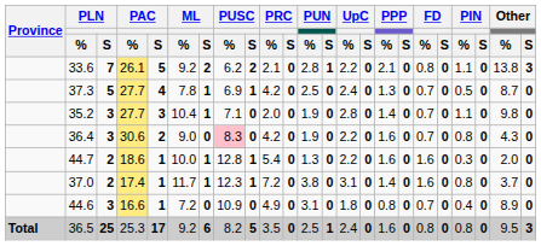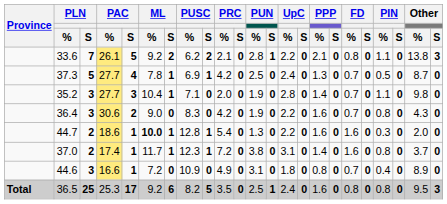 <table class="wikitable sortable" style="text-align:right; font-size:95%; line-height:20px;">
 <tr>
 <th rowspan="3"><a href='#'>Province</a></th>
 <th colspan="2" width="30px"><a href='#'>PLN</a></th>
 <th colspan="2" width="30px"><a href='#'>PAC</a></th>
 <th colspan="2" width="30px"><a href='#'>ML</a></th>
 <th colspan="2" width="30px"><a href='#'>PUSC</a></th>
 <th colspan="2" width="30px"><a href='#'>PRC</a></th>
 <th colspan="2" width="30px"><a href='#'>PUN</a></th>
 <th colspan="2" width="30px"><a href='#'>UpC</a></th>
 <th colspan="2" width="30px"><a href='#'>PPP</a></th>
 <th colspan="2" width="30px"><a href='#'>FD</a></th>
 <th colspan="2" width="30px"><a href='#'>PIN</a></th>
 <th colspan="2" width="30px">Other</th>
 </tr>
 <tr>
 <th colspan="2" style="background:"></th>
 <th colspan="2" style="background:"></th>
 <th colspan="2" style="background:"></th>
 <th colspan="2" style="background:"></th>
 <th colspan="2" style="background:"></th>
 <th colspan="2" style="background:#00554E"></th>
 <th colspan="2" style="background:"></th>
 <th colspan="2" style="background:slateblue"></th>
 <th colspan="2" style="background:"></th>
 <th colspan="2" style="background:"></th>
 <th colspan="2" style="background:#7a7a7a"></th>
 </tr>
 <tr>
 <th data-sort-type="number">%</th>
 <th data-sort-type="number">S</th>
 <th data-sort-type="number">%</th>
 <th data-sort-type="number">S</th>
 <th data-sort-type="number">%</th>
 <th data-sort-type="number">S</th>
 <th data-sort-type="number">%</th>
 <th data-sort-type="number">S</th>
 <th data-sort-type="number">%</th>
 <th data-sort-type="number">S</th>
 <th data-sort-type="number">%</th>
 <th data-sort-type="number">S</th>
 <th data-sort-type="number">%</th>
 <th data-sort-type="number">S</th>
 <th data-sort-type="number">%</th>
 <th data-sort-type="number">S</th>
 <th data-sort-type="number">%</th>
 <th data-sort-type="number">S</th>
 <th data-sort-type="number">%</th>
 <th data-sort-type="number">S</th>
 <th data-sort-type="number">%</th>
 <th data-sort-type="number">S</th>
 </tr>
 <tr>
 <td align="left"></td>
 <td style="background:">33.6</td>
 <td><strong>7</strong></td>
 <td style="background:#FFEB7F; color:black;">26.1</td>
 <td><strong>5</strong></td>
 <td>9.2</td>
 <td><strong>2</strong></td>
 <td>6.2</td>
 <td><strong>2</strong></td>
 <td>2.1</td>
 <td><strong>0</strong></td>
 <td>2.8</td>
 <td><strong>1</strong></td>
 <td>2.2</td>
 <td><strong>0</strong></td>
 <td>2.1</td>
 <td><strong>0</strong></td>
 <td>0.8</td>
 <td><strong>0</strong></td>
 <td>1.1</td>
 <td><strong>0</strong></td>
 <td>13.8</td>
 <td><strong>3</strong></td>
 </tr>
 <tr>
 <td align="left"></td>
 <td style="background:">37.3</td>
 <td><strong>5</strong></td>
 <td style="background:#FFEB7F; color:black;">27.7</td>
 <td><strong>4</strong></td>
 <td>7.8</td>
 <td><strong>1</strong></td>
 <td>6.9</td>
 <td><strong>1</strong></td>
 <td>4.2</td>
 <td><strong>0</strong></td>
 <td>2.5</td>
 <td><strong>0</strong></td>
 <td>2.4</td>
 <td><strong>0</strong></td>
 <td>1.3</td>
 <td><strong>0</strong></td>
 <td>0.7</td>
 <td><strong>0</strong></td>
 <td>0.5</td>
 <td><strong>0</strong></td>
 <td>8.7</td>
 <td><strong>0</strong></td>
 </tr>
 <tr>
 <td align="left"></td>
 <td style="background:">35.2</td>
 <td><strong>3</strong></td>
 <td style="background:#FFEB7F; color:black;">27.7</td>
 <td><strong>3</strong></td>
 <td>10.4</td>
 <td><strong>1</strong></td>
 <td>7.1</td>
 <td><strong>0</strong></td>
 <td>2.0</td>
 <td><strong>0</strong></td>
 <td>1.9</td>
 <td><strong>0</strong></td>
 <td>2.8</td>
 <td><strong>0</strong></td>
 <td>1.4</td>
 <td><strong>0</strong></td>
 <td>0.7</td>
 <td><strong>0</strong></td>
 <td>1.1</td>
 <td><strong>0</strong></td>
 <td>9.8</td>
 <td><strong>0</strong></td>
 </tr>
 <tr>
 <td align="left"></td>
 <td style="background:">36.4</td>
 <td><strong>3</strong></td>
 <td style="background:#FFEB7F; color:black;">30.6</td>
 <td><strong>2</strong></td>
 <td>9.0</td>
 <td><strong>0</strong></td>
-<td style="background: pink;">8.3</td>
+<td>8.3</td>
 <td><strong>0</strong></td>
 <td>4.2</td>
 <td><strong>0</strong></td>
 <td>1.9</td>
 <td><strong>0</strong></td>
 <td>2.2</td>
 <td><strong>0</strong></td>
 <td>1.6</td>
 <td><strong>0</strong></td>
 <td>0.7</td>
 <td><strong>0</strong></td>
 <td>0.8</td>
 <td><strong>0</strong></td>
 <td>4.3</td>
 <td><strong>0</strong></td>
 </tr>
 <tr>
 <td align="left"></td>
 <td style="background:">44.7</td>
 <td><strong>2</strong></td>
 <td style="background:#FFEB7F; color:black;">18.6</td>
 <td><strong>1</strong></td>
-<td>10.0</td>
+<td><strong>10.0</strong></td>
 <td><strong>1</strong></td>
 <td>12.8</td>
 <td><strong>1</strong></td>
 <td>5.4</td>
 <td><strong>0</strong></td>
 <td>1.3</td>
 <td><strong>0</strong></td>
 <td>2.2</td>
 <td><strong>0</strong></td>
 <td>1.6</td>
 <td><strong>0</strong></td>
 <td>1.6</td>
 <td><strong>0</strong></td>
 <td>0.3</td>
 <td><strong>0</strong></td>
 <td>2.0</td>
 <td><strong>0</strong></td>
 </tr>
 <tr>
 <td align="left"></td>
 <td style="background:">37.0</td>
 <td><strong>2</strong></td>
 <td style="background:#FFEB7F; color:black;">17.4</td>
 <td><strong>1</strong></td>
 <td>11.7</td>
 <td><strong>1</strong></td>
 <td>12.3</td>
 <td><strong>1</strong></td>
 <td>7.2</td>
 <td><strong>0</strong></td>
 <td>3.8</td>
 <td><strong>0</strong></td>
 <td>3.1</td>
 <td><strong>0</strong></td>
 <td>1.4</td>
 <td><strong>0</strong></td>
 <td>1.6</td>
 <td><strong>0</strong></td>
 <td>0.8</td>
 <td><strong>0</strong></td>
 <td>3.7</td>
 <td><strong>0</strong></td>
 </tr>
 <tr>
 <td align="left"></td>
 <td style="background:">44.6</td>
 <td><strong>3</strong></td>
 <td style="background:#FFEB7F; color:black;">16.6</td>
 <td><strong>1</strong></td>
 <td>7.2</td>
 <td><strong>0</strong></td>
 <td>10.9</td>
 <td><strong>0</strong></td>
 <td>4.9</td>
 <td><strong>0</strong></td>
 <td>3.1</td>
 <td><strong>0</strong></td>
 <td>1.8</td>
 <td><strong>0</strong></td>
 <td>0.8</td>
 <td><strong>0</strong></td>
 <td>0.7</td>
 <td><strong>0</strong></td>
 <td>0.4</td>
 <td><strong>0</strong></td>
 <td>8.9</td>
 <td><strong>0</strong></td>
 </tr>
 <tr style="background:#CDCDCD;">
 <td align="left"><strong>Total</strong></td>
 <td style="background:">36.5</td>
 <td><strong>25</strong></td>
 <td>25.3</td>
 <td><strong>17</strong></td>
 <td>9.2</td>
 <td><strong>6</strong></td>
 <td>8.2</td>
 <td><strong>5</strong></td>
 <td>3.5</td>
 <td><strong>0</strong></td>
 <td>2.5</td>
 <td><strong>1</strong></td>
 <td>2.4</td>
 <td><strong>0</strong></td>
 <td>1.6</td>
 <td><strong>0</strong></td>
 <td>0.8</td>
 <td><strong>0</strong></td>
 <td>0.8</td>
 <td><strong>0</strong></td>
 <td>9.5</td>
 <td><strong>3</strong></td>
 </tr>
 </table>
